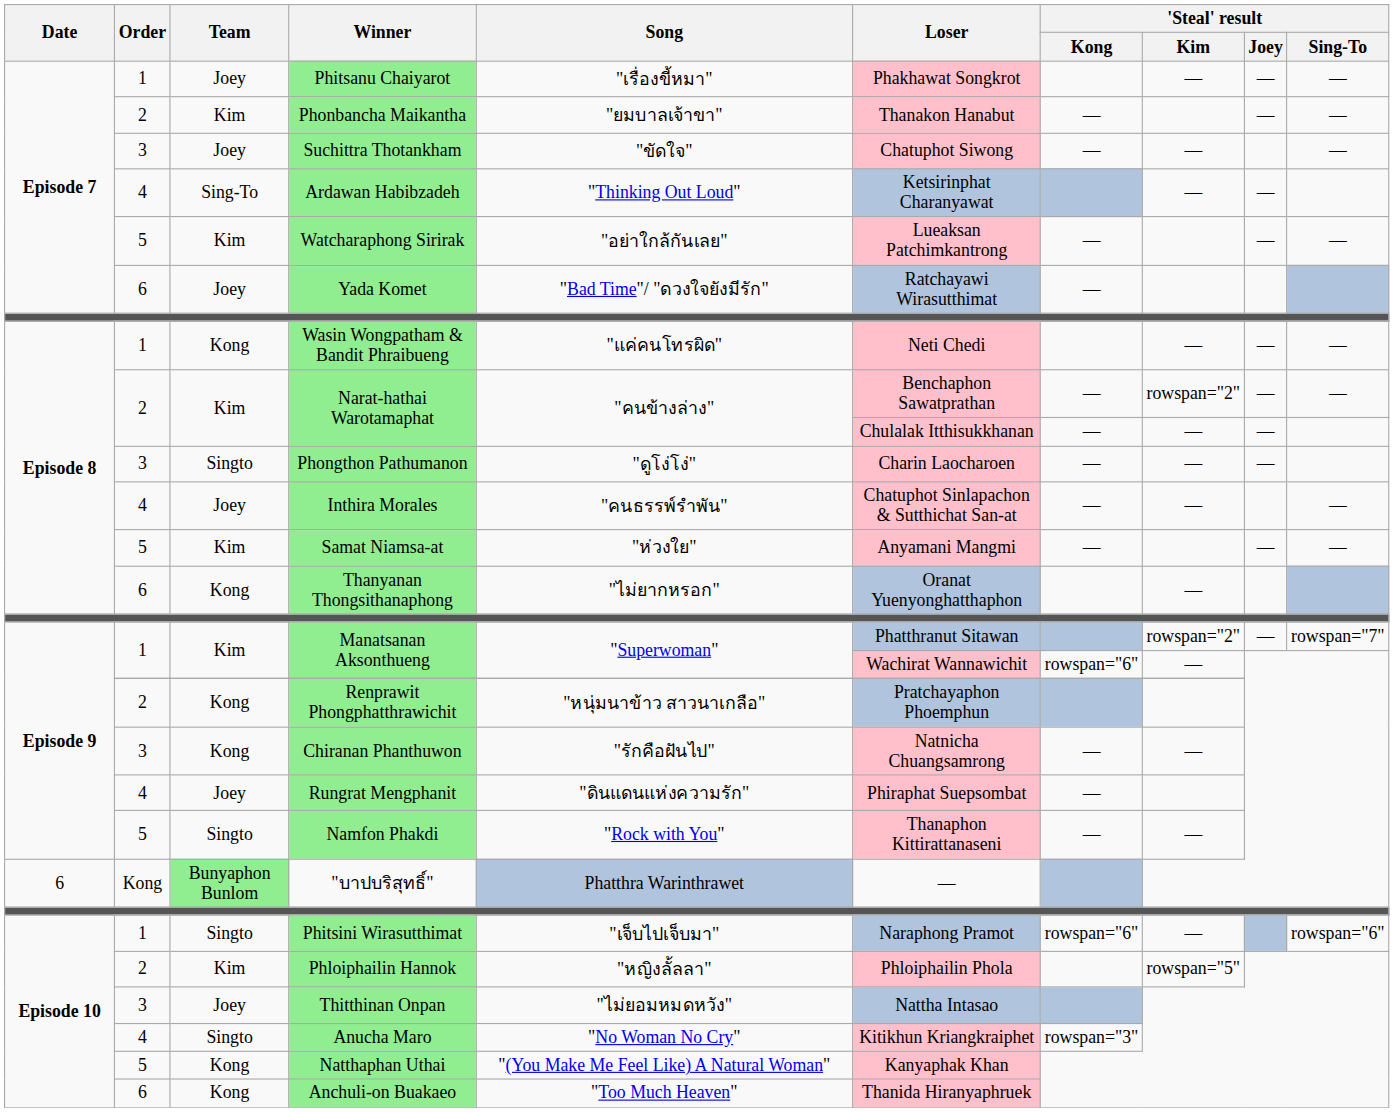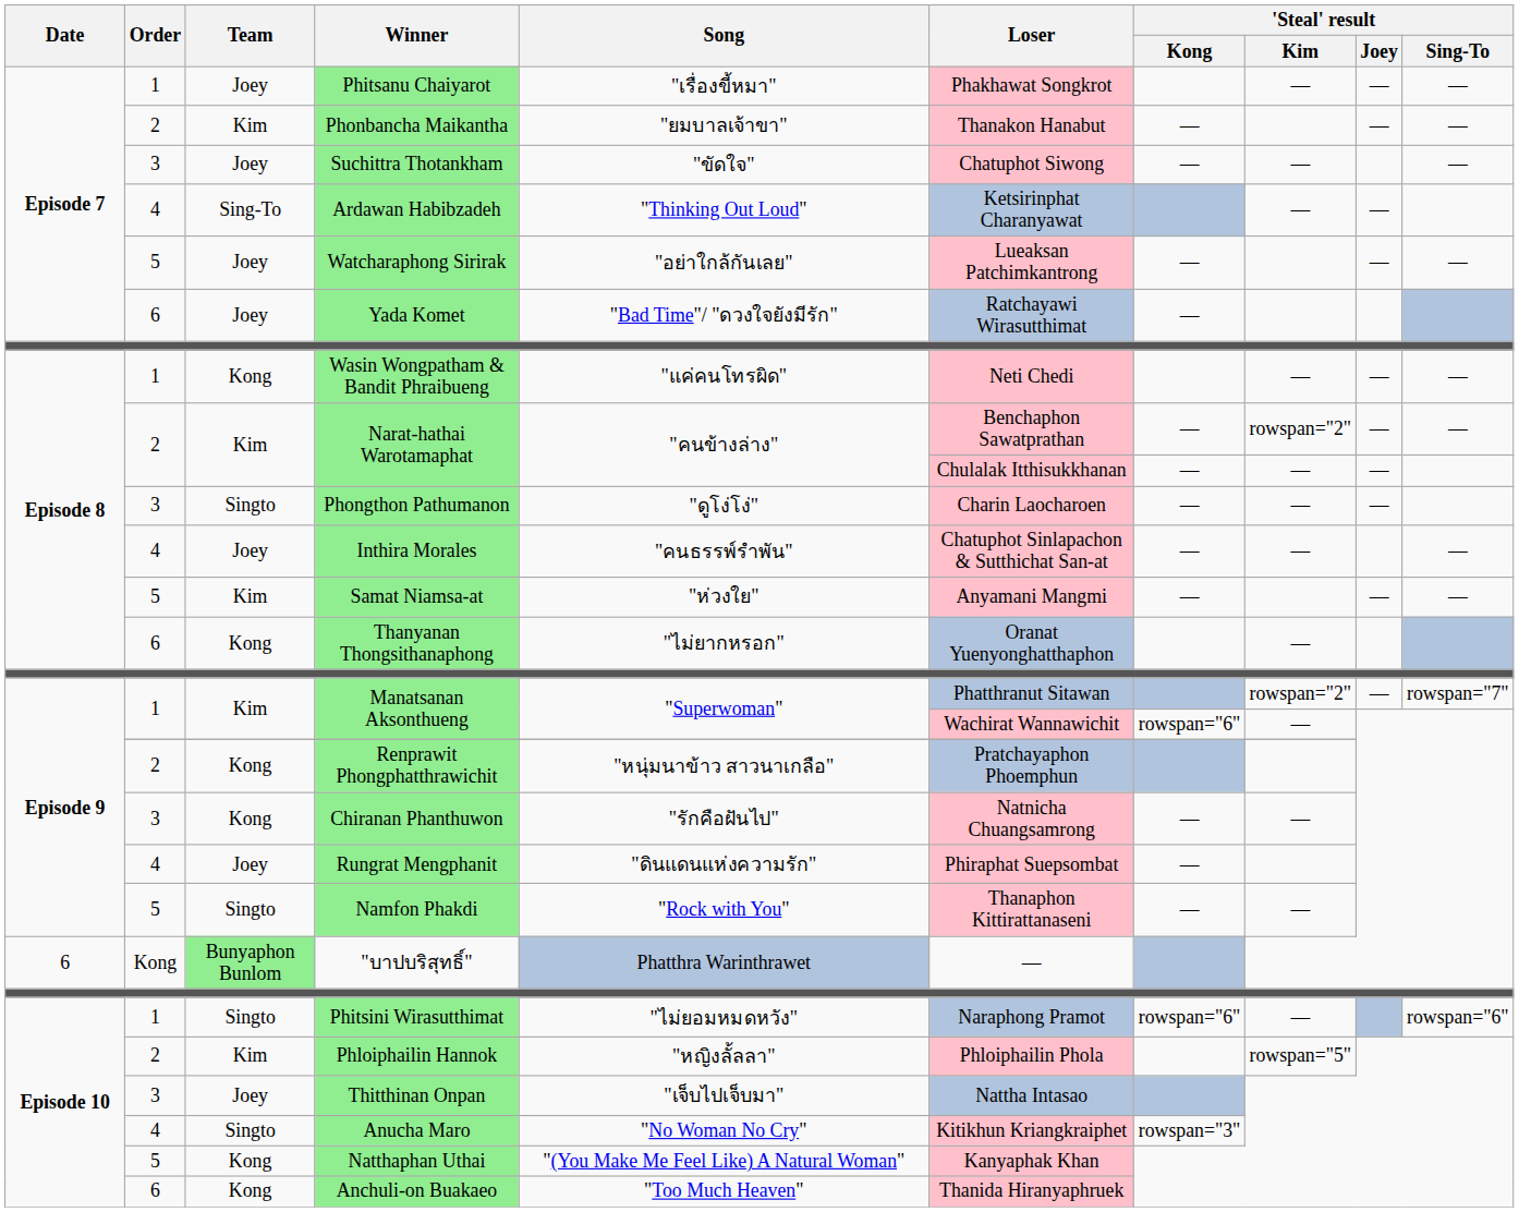 <table class="wikitable" style="text-align: center; width: auto;">
 <tr>
 <th rowspan="2" style="width:10%;">Date</th>
 <th rowspan="2" style="width:02%;">Order</th>
 <th rowspan="2" style="width:10%;">Team</th>
 <th rowspan="2"  style="width:15%;">Winner</th>
 <th rowspan="2" style="width:40%;">Song</th>
 <th rowspan="2"  style="width:15%;">Loser</th>
 <th colspan="4" style="width:20%;">'Steal' result</th>
 </tr>
 <tr>
 <th style="width:04%;">Kong</th>
 <th style="width:04%;">Kim</th>
 <th style="width:05%;">Joey</th>
 <th style="width:05%;">Sing-To</th>
 </tr>
 <tr>
 <td ! rowspan="6"><strong>Episode 7</strong> <br><small></small></td>
 <td>1</td>
 <td>Joey</td>
 <td style="background:lightgreen;">Phitsanu Chaiyarot</td>
 <td>"เรื่องขี้หมา"</td>
 <td style="background:pink">Phakhawat Songkrot</td>
 <td></td>
 <td>—</td>
 <td>—</td>
 <td>—</td>
 </tr>
 <tr>
 <td>2</td>
 <td>Kim</td>
 <td style="background:lightgreen;">Phonbancha Maikantha</td>
 <td>"ยมบาลเจ้าขา"</td>
 <td style="background:pink">Thanakon Hanabut</td>
 <td>—</td>
 <td></td>
 <td>—</td>
 <td>—</td>
 </tr>
 <tr>
 <td>3</td>
 <td>Joey</td>
 <td style="background:lightgreen;">Suchittra Thotankham</td>
 <td>"ขัดใจ"</td>
 <td style="background:pink">Chatuphot Siwong</td>
 <td>—</td>
 <td>—</td>
 <td></td>
 <td>—</td>
 </tr>
 <tr>
 <td>4</td>
 <td>Sing-To</td>
 <td style="background:lightgreen;">Ardawan Habibzadeh</td>
 <td>"<a href='#'>Thinking Out Loud</a>"</td>
 <td style="background:lightsteelblue;">Ketsirinphat Charanyawat</td>
 <td style="background:lightsteelblue;text-align:center;"></td>
 <td>—</td>
 <td>—</td>
 <td></td>
 </tr>
 <tr>
 <td>5</td>
-<td>Kim</td>
+<td>Joey</td>
 <td style="background:lightgreen;">Watcharaphong Sirirak</td>
 <td>"อย่าใกล้กันเลย"</td>
 <td style="background:pink">Lueaksan Patchimkantrong</td>
 <td>—</td>
 <td></td>
 <td>—</td>
 <td>—</td>
 </tr>
 <tr>
 <td>6</td>
 <td>Joey</td>
 <td style="background:lightgreen;">Yada Komet</td>
 <td>"<a href='#'>Bad Time</a>"/ "ดวงใจยังมีรัก"</td>
 <td style="background:lightsteelblue;">Ratchayawi Wirasutthimat</td>
 <td>—</td>
 <td></td>
 <td></td>
 <td style="background:lightsteelblue;text-align:center;"></td>
 </tr>
 <tr>
 <td colspan="11" style="background:#555555;"></td>
 </tr>
 <tr>
 <td ! rowspan="8"><strong>Episode 8</strong> <br><small></small></td>
 </tr>
 <tr>
 <td>1</td>
 <td>Kong</td>
 <td style="background:lightgreen;">Wasin Wongpatham & Bandit Phraibueng</td>
 <td>"แค่คนโทรผิด"</td>
 <td style="background:pink">Neti Chedi</td>
 <td></td>
 <td>—</td>
 <td>—</td>
 <td>—</td>
 </tr>
 <tr>
 <td ! rowspan="2">2</td>
 <td ! rowspan="2">Kim</td>
 <td ! rowspan="2" style="background:lightgreen;">Narat-hathai Warotamaphat</td>
 <td ! rowspan="2">"คนข้างล่าง"</td>
 <td style="background:pink">Benchaphon Sawatprathan</td>
 <td>—</td>
 <td>rowspan="2" </td>
 <td>—</td>
 <td>—</td>
 </tr>
 <tr>
 <td style="background:pink">Chulalak Itthisukkhanan</td>
 <td>—</td>
 <td>—</td>
 <td>—</td>
 </tr>
 <tr>
 <td>3</td>
 <td>Singto</td>
 <td style="background:lightgreen;">Phongthon Pathumanon</td>
 <td>"ดูโง่โง่"</td>
 <td style="background:pink">Charin Laocharoen</td>
 <td>—</td>
 <td>—</td>
 <td>—</td>
 <td></td>
 </tr>
 <tr>
 <td>4</td>
 <td>Joey</td>
 <td style="background:lightgreen;">Inthira Morales</td>
 <td>"คนธรรพ์รำพัน"</td>
 <td style="background:pink">Chatuphot Sinlapachon & Sutthichat San-at</td>
 <td>—</td>
 <td>—</td>
 <td></td>
 <td>—</td>
 </tr>
 <tr>
 <td>5</td>
 <td>Kim</td>
 <td style="background:lightgreen;">Samat Niamsa-at</td>
 <td>"ห่วงใย"</td>
 <td style="background:pink">Anyamani Mangmi</td>
 <td>—</td>
 <td></td>
 <td>—</td>
 <td>—</td>
 </tr>
 <tr>
 <td>6</td>
 <td>Kong</td>
 <td style="background:lightgreen;">Thanyanan Thongsithanaphong</td>
 <td>"ไม่ยากหรอก"</td>
 <td style="background:lightsteelblue;">Oranat Yuenyonghatthaphon</td>
 <td></td>
 <td>—</td>
 <td></td>
 <td style="background:lightsteelblue;text-align:center;"></td>
 </tr>
 <tr>
 <td colspan="11" style="background:#555555;"></td>
 </tr>
 <tr>
 <td ! rowspan="8"><strong>Episode 9</strong> <br><small></small></td>
 </tr>
 <tr>
 <td ! rowspan="2">1</td>
 <td ! rowspan="2">Kim</td>
 <td ! rowspan="2" style="background:lightgreen;">Manatsanan Aksonthueng</td>
 <td ! rowspan="2">"<a href='#'>Superwoman</a>"</td>
 <td style="background:lightsteelblue;">Phatthranut Sitawan</td>
 <td style="background:lightsteelblue;text-align:center;"></td>
 <td>rowspan="2" </td>
 <td>—</td>
 <td>rowspan="7" </td>
 </tr>
 <tr>
 <td style="background:pink">Wachirat Wannawichit</td>
 <td>rowspan="6" </td>
 <td>—</td>
 </tr>
 <tr>
 </tr>
 <tr>
 <td>2</td>
 <td>Kong</td>
 <td style="background:lightgreen;">Renprawit Phongphatthrawichit</td>
 <td>"หนุ่มนาข้าว สาวนาเกลือ"</td>
 <td style="background:lightsteelblue;">Pratchayaphon Phoemphun</td>
 <td style="background:lightsteelblue;text-align:center;"></td>
 <td></td>
 </tr>
 <tr>
 <td>3</td>
 <td>Kong</td>
 <td style="background:lightgreen;">Chiranan Phanthuwon</td>
 <td>"รักคือฝันไป"</td>
 <td style="background:pink">Natnicha Chuangsamrong</td>
 <td>—</td>
 <td>—</td>
 </tr>
 <tr>
 <td>4</td>
 <td>Joey</td>
 <td style="background:lightgreen;">Rungrat Mengphanit</td>
 <td>"ดินแดนแห่งความรัก"</td>
 <td style="background:pink">Phiraphat Suepsombat</td>
 <td>—</td>
 <td></td>
 </tr>
 <tr>
 <td>5</td>
 <td>Singto</td>
 <td style="background:lightgreen;">Namfon Phakdi</td>
 <td>"<a href='#'>Rock with You</a>"</td>
 <td style="background:pink">Thanaphon Kittirattanaseni</td>
 <td>—</td>
 <td>—</td>
 </tr>
 <tr>
 <td>6</td>
 <td>Kong</td>
 <td style="background:lightgreen;">Bunyaphon Bunlom</td>
 <td>"บาปบริสุทธิ์"</td>
 <td style="background:lightsteelblue;">Phatthra Warinthrawet</td>
 <td>—</td>
 <td style="background:lightsteelblue;text-align:center;"></td>
 </tr>
 <tr>
 <td colspan="11" style="background:#555555;"></td>
 </tr>
 <tr>
 <td ! rowspan="7"><strong>Episode 10</strong> <br><small></small></td>
 </tr>
 <tr>
 <td>1</td>
 <td>Singto</td>
 <td style="background:lightgreen;">Phitsini Wirasutthimat</td>
-<td>"เจ็บไปเจ็บมา"</td>
+<td>"ไม่ยอมหมดหวัง"</td>
 <td style="background:lightsteelblue;">Naraphong Pramot</td>
 <td>rowspan="6" </td>
 <td>—</td>
 <td style="background:lightsteelblue;text-align:center;"></td>
 <td>rowspan="6" </td>
 </tr>
 <tr>
 <td>2</td>
 <td>Kim</td>
 <td style="background:lightgreen;">Phloiphailin Hannok</td>
 <td>"หญิงลั้ลลา"</td>
 <td style="background:pink">Phloiphailin Phola</td>
 <td></td>
 <td>rowspan="5" </td>
 </tr>
 <tr>
 <td>3</td>
 <td>Joey</td>
 <td style="background:lightgreen;">Thitthinan Onpan</td>
-<td>"ไม่ยอมหมดหวัง"</td>
+<td>"เจ็บไปเจ็บมา"</td>
 <td style="background:lightsteelblue;">Nattha Intasao</td>
 <td style="background:lightsteelblue;text-align:center;"></td>
 </tr>
 <tr>
 <td>4</td>
 <td>Singto</td>
 <td style="background:lightgreen;">Anucha Maro</td>
 <td>"<a href='#'>No Woman No Cry</a>"</td>
 <td style="background:pink">Kitikhun Kriangkraiphet</td>
 <td>rowspan="3" </td>
 </tr>
 <tr>
 <td>5</td>
 <td>Kong</td>
 <td style="background:lightgreen;">Natthaphan Uthai</td>
 <td>"<a href='#'>(You Make Me Feel Like) A Natural Woman</a>"</td>
 <td style="background:pink">Kanyaphak Khan</td>
 </tr>
 <tr>
 <td>6</td>
 <td>Kong</td>
 <td style="background:lightgreen;">Anchuli-on Buakaeo</td>
 <td>"<a href='#'>Too Much Heaven</a>"</td>
 <td style="background:pink">Thanida Hiranyaphruek</td>
 </tr>
 </table>
